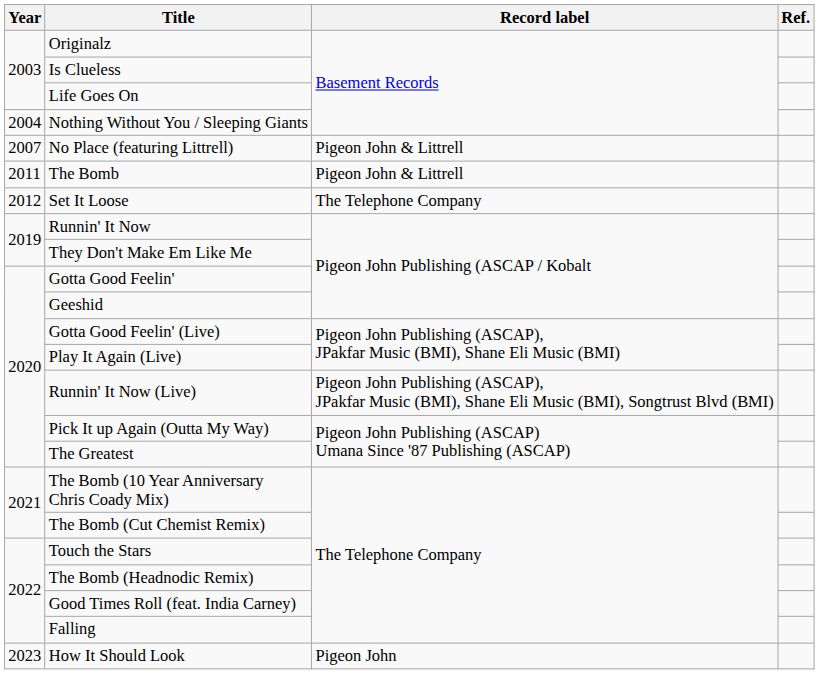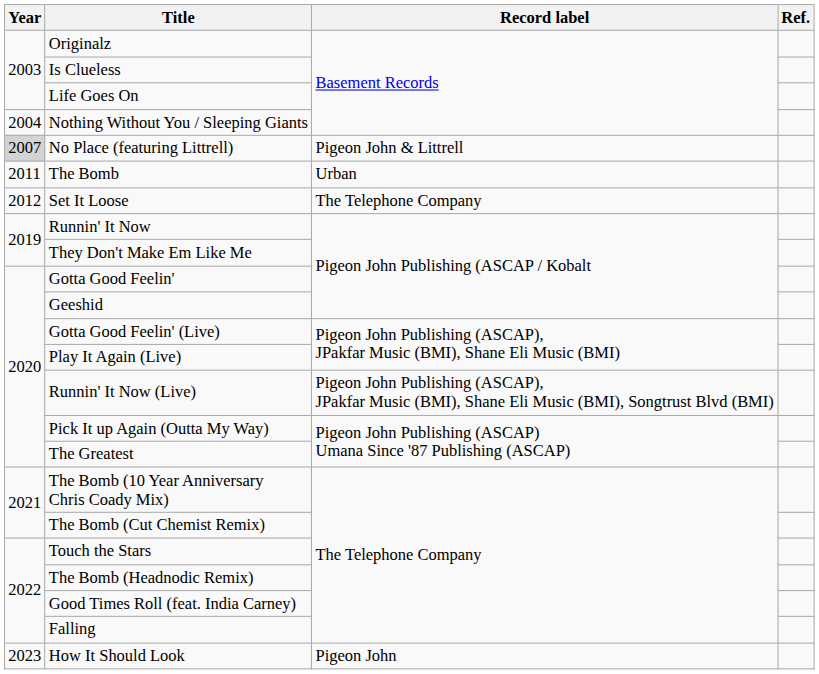 <table class="wikitable">
 <tr>
 <th>Year</th>
 <th>Title</th>
 <th>Record label</th>
 <th>Ref.</th>
 </tr>
 <tr>
 <td rowspan="3">2003</td>
 <td>Originalz</td>
 <td rowspan="4"><a href='#'>Basement Records</a></td>
 <td></td>
 </tr>
 <tr>
 <td>Is Clueless</td>
 <td></td>
 </tr>
 <tr>
 <td>Life Goes On</td>
 <td></td>
 </tr>
 <tr>
 <td>2004</td>
 <td>Nothing Without You / Sleeping Giants</td>
 <td></td>
 </tr>
 <tr>
-<td>2007</td>
+<td style="background: lightgrey;">2007</td>
 <td>No Place (featuring Littrell)</td>
 <td>Pigeon John & Littrell</td>
 <td></td>
 </tr>
 <tr>
 <td>2011</td>
 <td>The Bomb</td>
-<td>Pigeon John & Littrell</td>
+<td>Urban</td>
 <td></td>
 </tr>
 <tr>
 <td>2012</td>
 <td>Set It Loose</td>
 <td>The Telephone Company</td>
 <td></td>
 </tr>
 <tr>
 <td rowspan="2">2019</td>
 <td>Runnin' It Now</td>
 <td rowspan="4">Pigeon John Publishing (ASCAP / Kobalt</td>
 <td></td>
 </tr>
 <tr>
 <td>They Don't Make Em Like Me</td>
 <td></td>
 </tr>
 <tr>
 <td rowspan="7">2020</td>
 <td>Gotta Good Feelin'</td>
 <td></td>
 </tr>
 <tr>
 <td>Geeshid</td>
 <td></td>
 </tr>
 <tr>
 <td>Gotta Good Feelin' (Live)</td>
 <td rowspan="2">Pigeon John Publishing (ASCAP),<br>JPakfar Music (BMI), Shane Eli Music (BMI)</td>
 <td></td>
 </tr>
 <tr>
 <td>Play It Again (Live)</td>
 <td></td>
 </tr>
 <tr>
 <td>Runnin' It Now (Live)</td>
 <td>Pigeon John Publishing (ASCAP),<br>JPakfar Music (BMI), Shane Eli Music (BMI), Songtrust Blvd (BMI)</td>
 <td></td>
 </tr>
 <tr>
 <td>Pick It up Again (Outta My Way)</td>
 <td rowspan="2">Pigeon John Publishing (ASCAP)<br>Umana Since '87 Publishing (ASCAP)</td>
 <td></td>
 </tr>
 <tr>
 <td>The Greatest</td>
 <td></td>
 </tr>
 <tr>
 <td rowspan="2">2021</td>
 <td>The Bomb (10 Year Anniversary<br>Chris Coady Mix)</td>
 <td rowspan="6">The Telephone Company</td>
 <td></td>
 </tr>
 <tr>
 <td>The Bomb (Cut Chemist Remix)</td>
 <td></td>
 </tr>
 <tr>
 <td rowspan="4">2022</td>
 <td>Touch the Stars</td>
 <td></td>
 </tr>
 <tr>
 <td>The Bomb (Headnodic Remix)</td>
 <td></td>
 </tr>
 <tr>
 <td>Good Times Roll (feat. India Carney)</td>
 <td></td>
 </tr>
 <tr>
 <td>Falling</td>
 <td></td>
 </tr>
 <tr>
 <td>2023</td>
 <td>How It Should Look</td>
 <td>Pigeon John</td>
 <td></td>
 </tr>
 </table>
